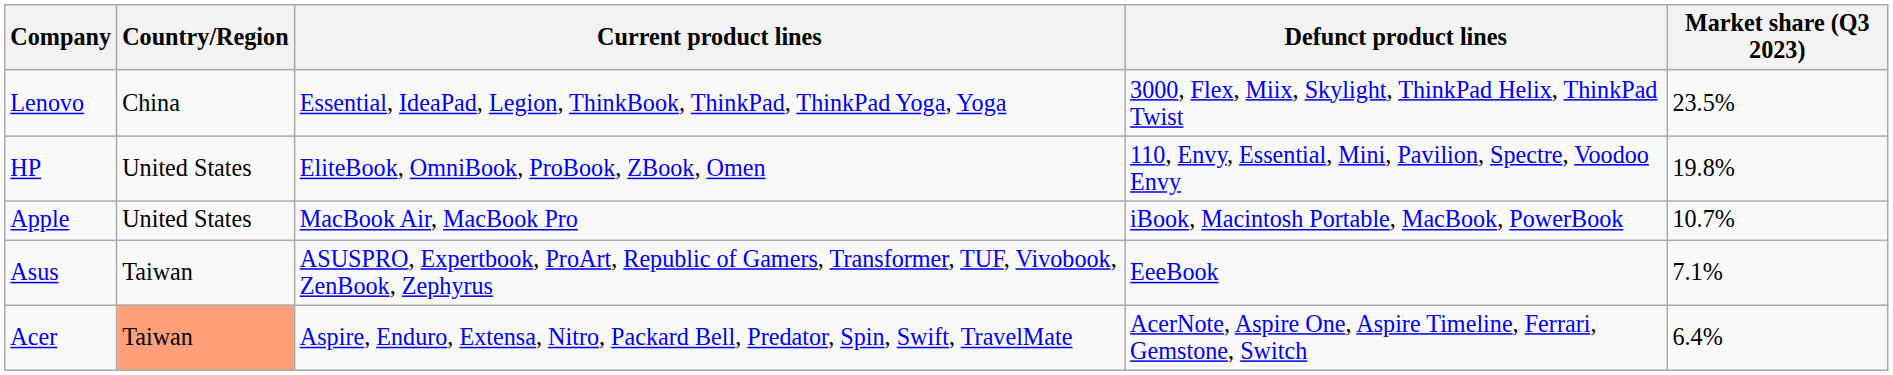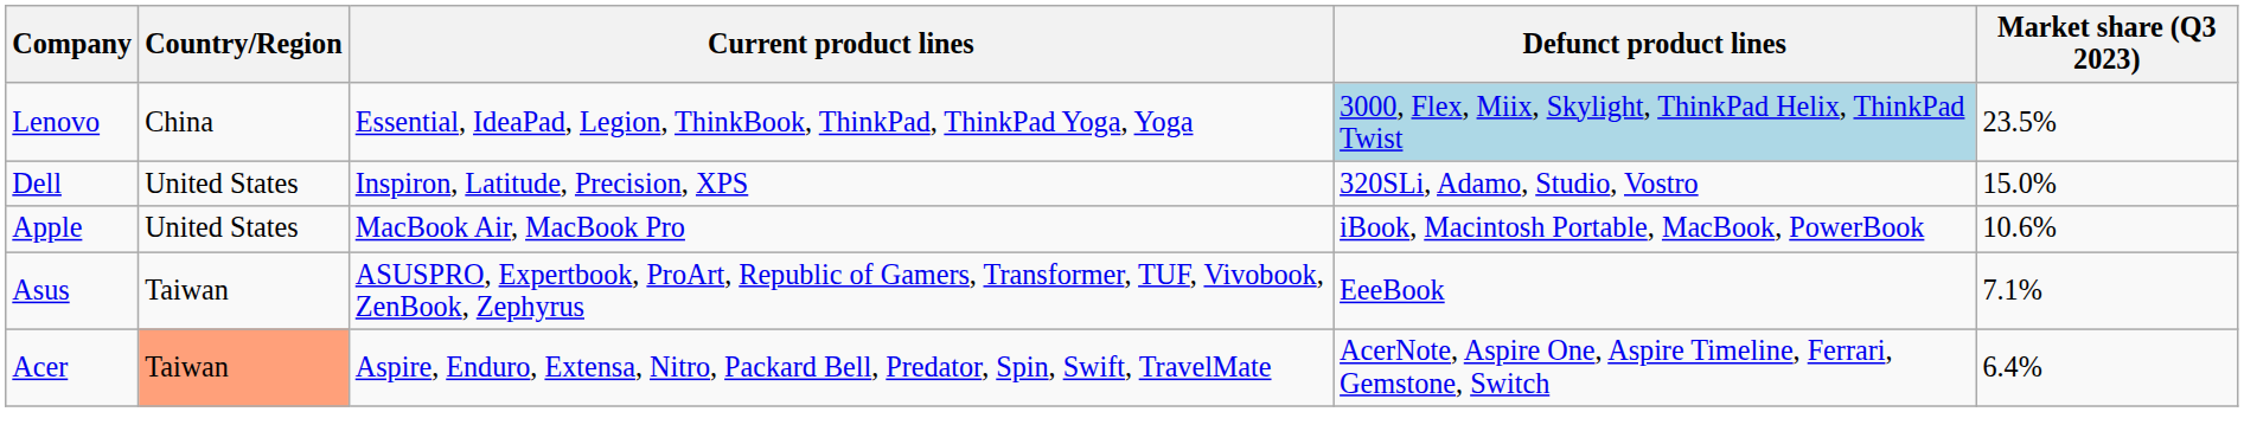 <table class="wikitable sortable">
 <tr>
 <th>Company</th>
 <th>Country/Region</th>
 <th>Current product lines</th>
 <th>Defunct product lines</th>
 <th>Market share (Q3 2023)</th>
 </tr>
 <tr>
 <td><a href='#'>Lenovo</a></td>
 <td>China</td>
 <td><a href='#'>Essential</a>, <a href='#'>IdeaPad</a>, <a href='#'>Legion</a>, <a href='#'>ThinkBook</a>, <a href='#'>ThinkPad</a>, <a href='#'>ThinkPad Yoga</a>, <a href='#'>Yoga</a></td>
-<td><a href='#'>3000</a>, <a href='#'>Flex</a>, <a href='#'>Miix</a>, <a href='#'>Skylight</a>, <a href='#'>ThinkPad Helix</a>, <a href='#'>ThinkPad Twist</a></td>
+<td style="background: lightblue;"><a href='#'>3000</a>, <a href='#'>Flex</a>, <a href='#'>Miix</a>, <a href='#'>Skylight</a>, <a href='#'>ThinkPad Helix</a>, <a href='#'>ThinkPad Twist</a></td>
 <td>23.5%</td>
 </tr>
 <tr>
-<td><a href='#'>HP</a></td>
+<td><a href='#'>Dell</a></td>
 <td>United States</td>
-<td><a href='#'>EliteBook</a>, <a href='#'>OmniBook</a>, <a href='#'>ProBook</a>, <a href='#'>ZBook</a>, <a href='#'>Omen</a></td>
-<td><a href='#'>110</a>, <a href='#'>Envy</a>, <a href='#'>Essential</a>, <a href='#'>Mini</a>, <a href='#'>Pavilion</a>, <a href='#'>Spectre</a>, <a href='#'>Voodoo Envy</a></td>
-<td>19.8%</td>
+<td><a href='#'>Inspiron</a>, <a href='#'>Latitude</a>, <a href='#'>Precision</a>, <a href='#'>XPS</a></td>
+<td><a href='#'>320SLi</a>, <a href='#'>Adamo</a>, <a href='#'>Studio</a>, <a href='#'>Vostro</a></td>
+<td>15.0%</td>
 </tr>
 <tr>
 <td><a href='#'>Apple</a></td>
 <td>United States</td>
 <td><a href='#'>MacBook Air</a>, <a href='#'>MacBook Pro</a></td>
 <td><a href='#'>iBook</a>, <a href='#'>Macintosh Portable</a>, <a href='#'>MacBook</a>, <a href='#'>PowerBook</a></td>
-<td>10.7%</td>
+<td>10.6%</td>
 </tr>
 <tr>
 <td><a href='#'>Asus</a></td>
 <td>Taiwan</td>
 <td><a href='#'>ASUSPRO</a>, <a href='#'>Expertbook</a>, <a href='#'>ProArt</a>, <a href='#'>Republic of Gamers</a>, <a href='#'>Transformer</a>, <a href='#'>TUF</a>, <a href='#'>Vivobook</a>, <a href='#'>ZenBook</a>, <a href='#'>Zephyrus</a></td>
 <td><a href='#'>EeeBook</a></td>
 <td>7.1%</td>
 </tr>
 <tr>
 <td><a href='#'>Acer</a></td>
 <td style="background: lightsalmon;">Taiwan</td>
 <td><a href='#'>Aspire</a>, <a href='#'>Enduro</a>, <a href='#'>Extensa</a>, <a href='#'>Nitro</a>, <a href='#'>Packard Bell</a>, <a href='#'>Predator</a>, <a href='#'>Spin</a>, <a href='#'>Swift</a>, <a href='#'>TravelMate</a></td>
 <td><a href='#'>AcerNote</a>, <a href='#'>Aspire One</a>, <a href='#'>Aspire Timeline</a>, <a href='#'>Ferrari</a>, <a href='#'>Gemstone</a>, <a href='#'>Switch</a></td>
 <td>6.4%</td>
 </tr>
 </table>
